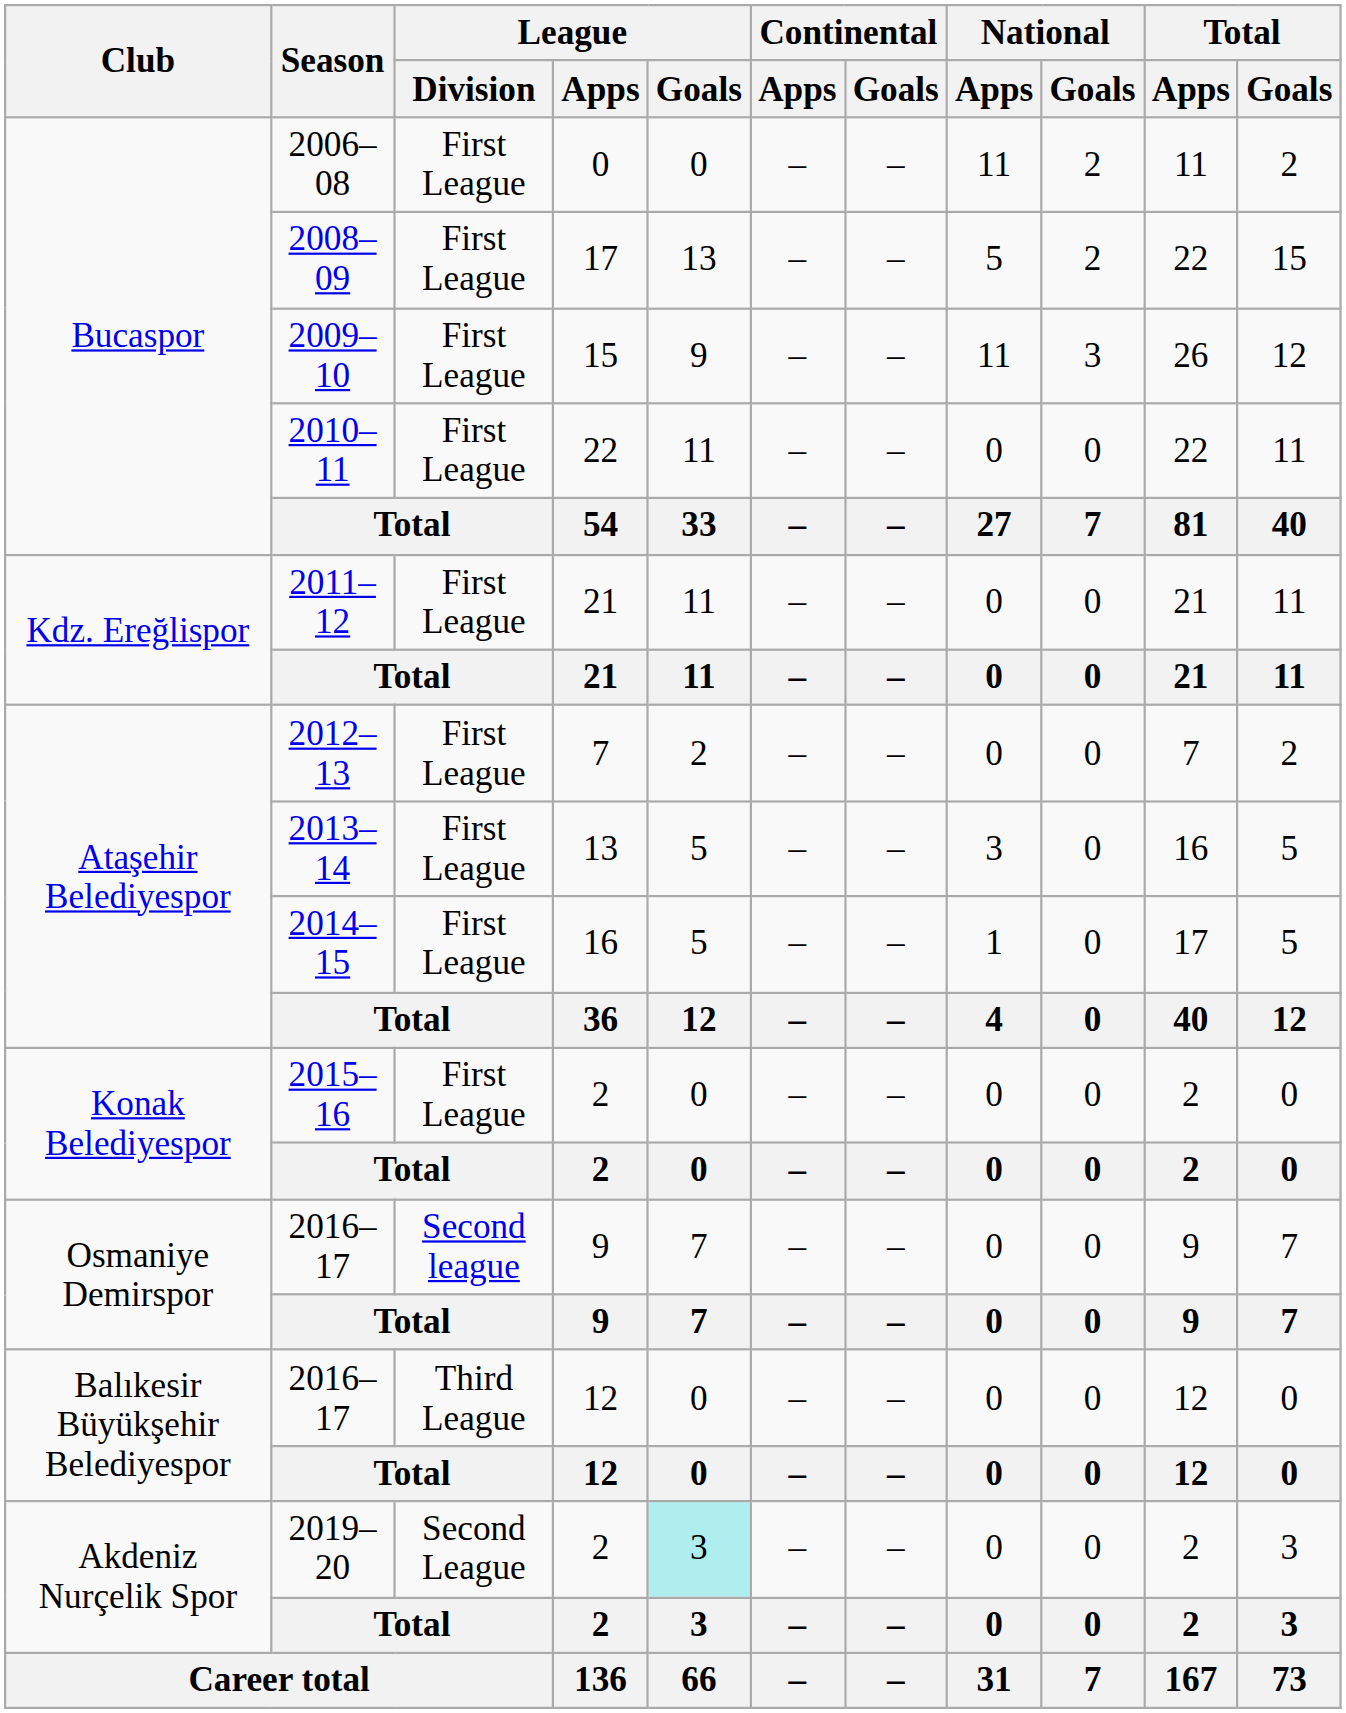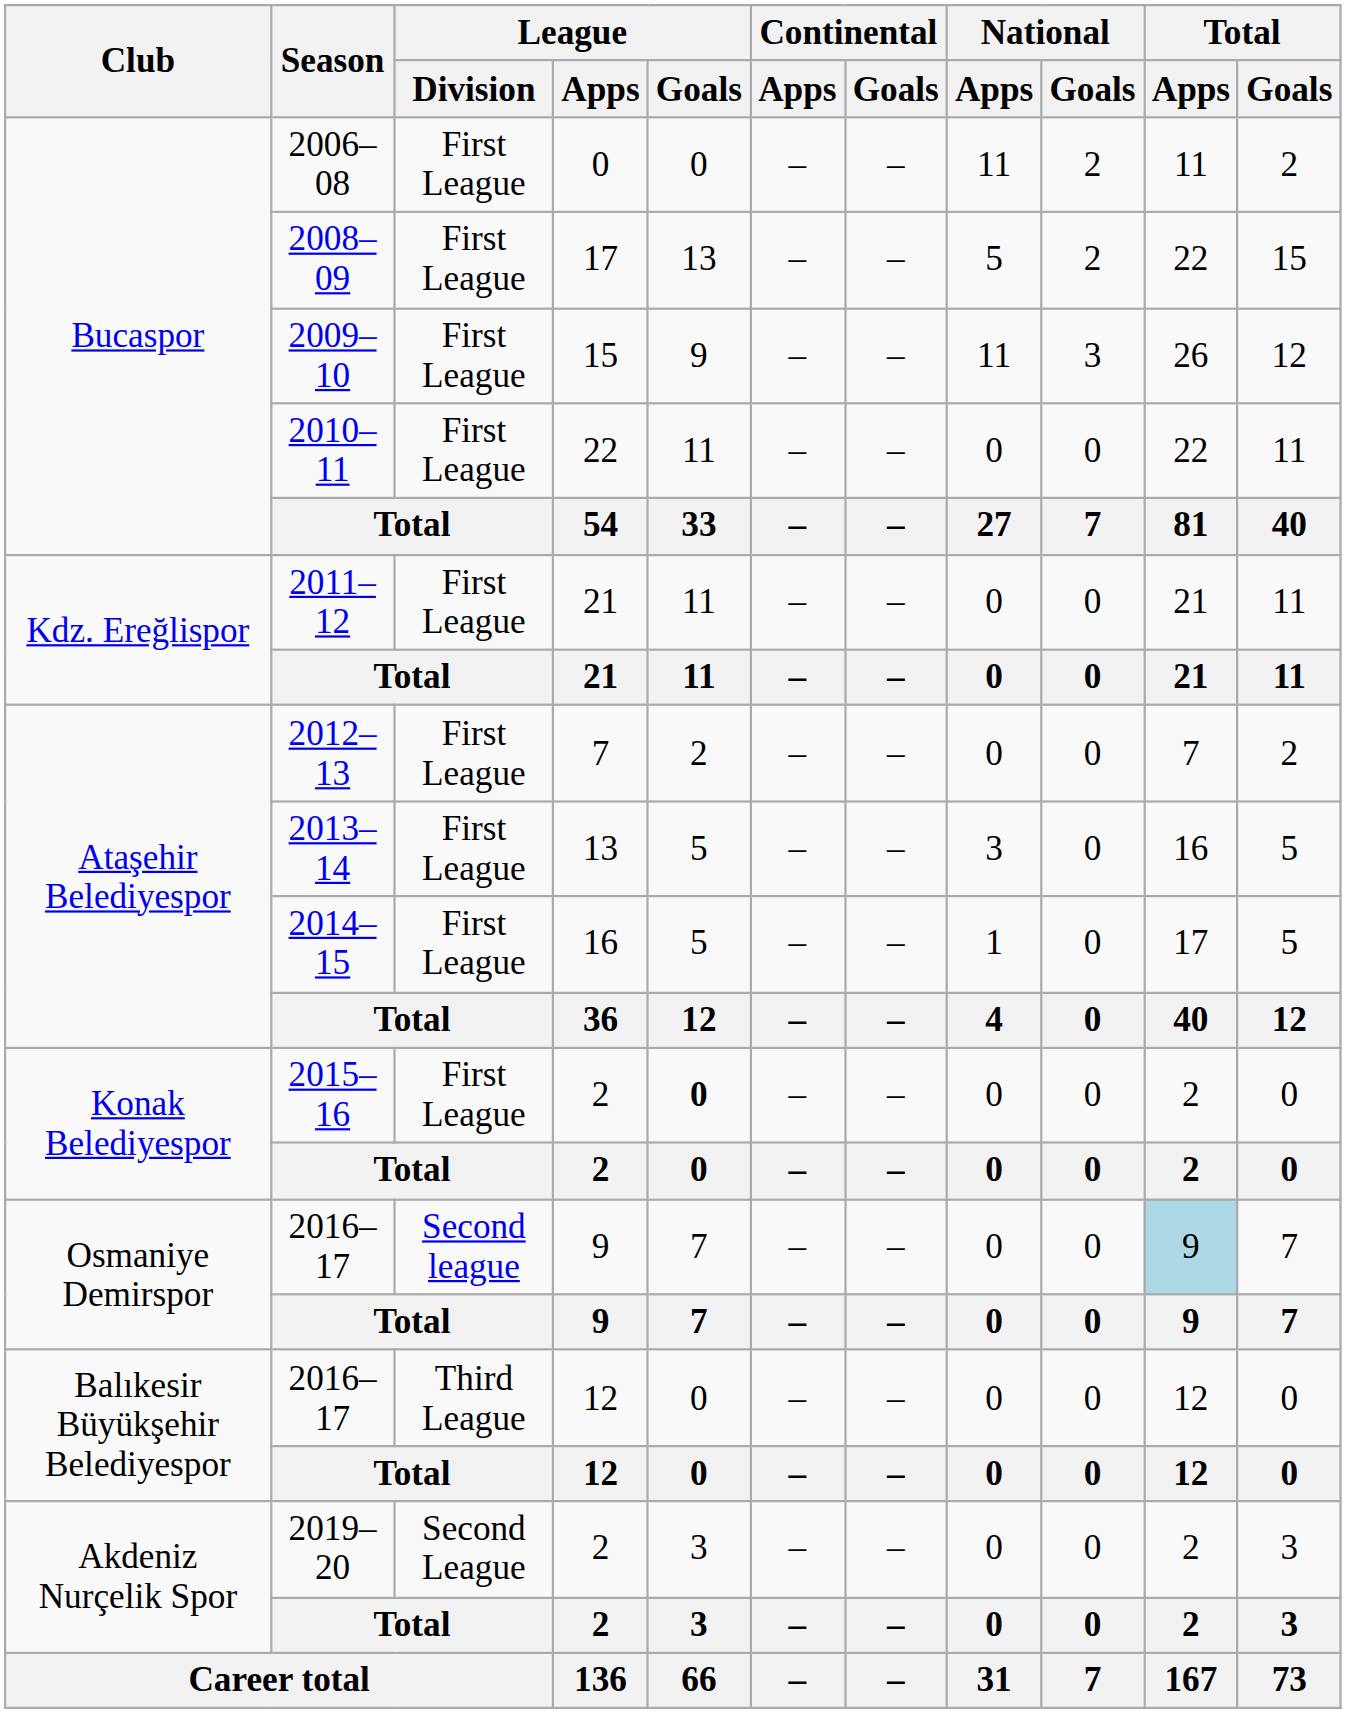 <table class="wikitable" style="text-align: center;">
 <tr>
 <th rowspan=2>Club</th>
 <th rowspan=2>Season</th>
 <th colspan=3>League</th>
 <th colspan=2>Continental</th>
 <th colspan=2>National</th>
 <th colspan=2>Total</th>
 </tr>
 <tr>
 <th>Division</th>
 <th>Apps</th>
 <th>Goals</th>
 <th>Apps</th>
 <th>Goals</th>
 <th>Apps</th>
 <th>Goals</th>
 <th>Apps</th>
 <th>Goals</th>
 </tr>
 <tr>
 <td rowspan=5><a href='#'>Bucaspor</a></td>
 <td>2006–08</td>
 <td>First League</td>
 <td>0</td>
 <td>0</td>
 <td>–</td>
 <td>–</td>
 <td>11</td>
 <td>2</td>
 <td>11</td>
 <td>2</td>
 </tr>
 <tr>
 <td><a href='#'>2008–09</a></td>
 <td>First League</td>
 <td>17</td>
 <td>13</td>
 <td>–</td>
 <td>–</td>
 <td>5</td>
 <td>2</td>
 <td>22</td>
 <td>15</td>
 </tr>
 <tr>
 <td><a href='#'>2009–10</a></td>
 <td>First League</td>
 <td>15</td>
 <td>9</td>
 <td>–</td>
 <td>–</td>
 <td>11</td>
 <td>3</td>
 <td>26</td>
 <td>12</td>
 </tr>
 <tr>
 <td><a href='#'>2010–11</a></td>
 <td>First League</td>
 <td>22</td>
 <td>11</td>
 <td>–</td>
 <td>–</td>
 <td>0</td>
 <td>0</td>
 <td>22</td>
 <td>11</td>
 </tr>
 <tr>
 <th colspan=2>Total</th>
 <th>54</th>
 <th>33</th>
 <th>–</th>
 <th>–</th>
 <th>27</th>
 <th>7</th>
 <th>81</th>
 <th>40</th>
 </tr>
 <tr>
 <td rowspan=2><a href='#'>Kdz. Ereğlispor</a></td>
 <td><a href='#'>2011–12</a></td>
 <td>First League</td>
 <td>21</td>
 <td>11</td>
 <td>–</td>
 <td>–</td>
 <td>0</td>
 <td>0</td>
 <td>21</td>
 <td>11</td>
 </tr>
 <tr>
 <th colspan=2>Total</th>
 <th>21</th>
 <th>11</th>
 <th>–</th>
 <th>–</th>
 <th>0</th>
 <th>0</th>
 <th>21</th>
 <th>11</th>
 </tr>
 <tr>
 <td rowspan=4><a href='#'>Ataşehir Belediyespor</a></td>
 <td><a href='#'>2012–13</a></td>
 <td>First League</td>
 <td>7</td>
 <td>2</td>
 <td>–</td>
 <td>–</td>
 <td>0</td>
 <td>0</td>
 <td>7</td>
 <td>2</td>
 </tr>
 <tr>
 <td><a href='#'>2013–14</a></td>
 <td>First League</td>
 <td>13</td>
 <td>5</td>
 <td>–</td>
 <td>–</td>
 <td>3</td>
 <td>0</td>
 <td>16</td>
 <td>5</td>
 </tr>
 <tr>
 <td><a href='#'>2014–15</a></td>
 <td>First League</td>
 <td>16</td>
 <td>5</td>
 <td>–</td>
 <td>–</td>
 <td>1</td>
 <td>0</td>
 <td>17</td>
 <td>5</td>
 </tr>
 <tr>
 <th colspan=2>Total</th>
 <th>36</th>
 <th>12</th>
 <th>–</th>
 <th>–</th>
 <th>4</th>
 <th>0</th>
 <th>40</th>
 <th>12</th>
 </tr>
 <tr>
 <td rowspan=2><a href='#'>Konak Belediyespor</a></td>
 <td><a href='#'>2015–16</a></td>
 <td>First League</td>
 <td>2</td>
-<td>0</td>
+<td><strong>0</strong></td>
 <td>–</td>
 <td>–</td>
 <td>0</td>
 <td>0</td>
 <td>2</td>
 <td>0</td>
 </tr>
 <tr>
 <th colspan=2>Total</th>
 <th>2</th>
 <th>0</th>
 <th>–</th>
 <th>–</th>
 <th>0</th>
 <th>0</th>
 <th>2</th>
 <th>0</th>
 </tr>
 <tr>
 <td rowspan=2>Osmaniye Demirspor</td>
 <td>2016–17</td>
 <td><a href='#'>Second league</a></td>
 <td>9</td>
 <td>7</td>
 <td>–</td>
 <td>–</td>
 <td>0</td>
 <td>0</td>
-<td>9</td>
+<td style="background: lightblue;">9</td>
 <td>7</td>
 </tr>
 <tr>
 <th colspan=2>Total</th>
 <th>9</th>
 <th>7</th>
 <th>–</th>
 <th>–</th>
 <th>0</th>
 <th>0</th>
 <th>9</th>
 <th>7</th>
 </tr>
 <tr>
 <td rowspan=2>Balıkesir Büyükşehir Belediyespor</td>
 <td>2016–17</td>
 <td>Third League</td>
 <td>12</td>
 <td>0</td>
 <td>–</td>
 <td>–</td>
 <td>0</td>
 <td>0</td>
 <td>12</td>
 <td>0</td>
 </tr>
 <tr>
 <th colspan=2>Total</th>
 <th>12</th>
 <th>0</th>
 <th>–</th>
 <th>–</th>
 <th>0</th>
 <th>0</th>
 <th>12</th>
 <th>0</th>
 </tr>
 <tr>
 <td rowspan=2>Akdeniz Nurçelik Spor</td>
 <td>2019–20</td>
 <td>Second League</td>
 <td>2</td>
-<td style="background: paleturquoise;">3</td>
+<td>3</td>
 <td>–</td>
 <td>–</td>
 <td>0</td>
 <td>0</td>
 <td>2</td>
 <td>3</td>
 </tr>
 <tr>
 <th colspan=2>Total</th>
 <th>2</th>
 <th>3</th>
 <th>–</th>
 <th>–</th>
 <th>0</th>
 <th>0</th>
 <th>2</th>
 <th>3</th>
 </tr>
 <tr>
 <th colspan=3>Career total</th>
 <th>136</th>
 <th>66</th>
 <th>–</th>
 <th>–</th>
 <th>31</th>
 <th>7</th>
 <th>167</th>
 <th>73</th>
 </tr>
 </table>
